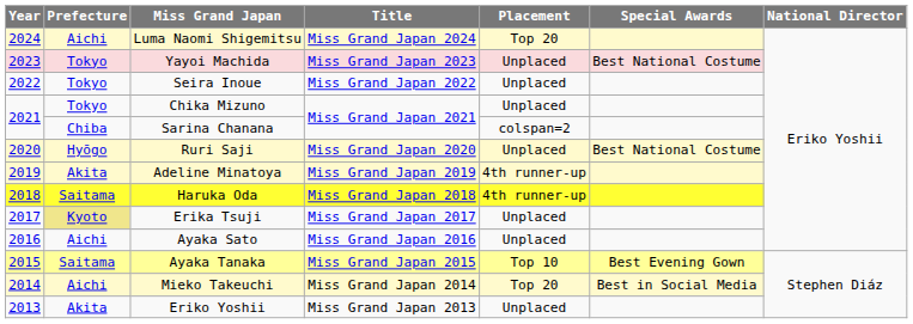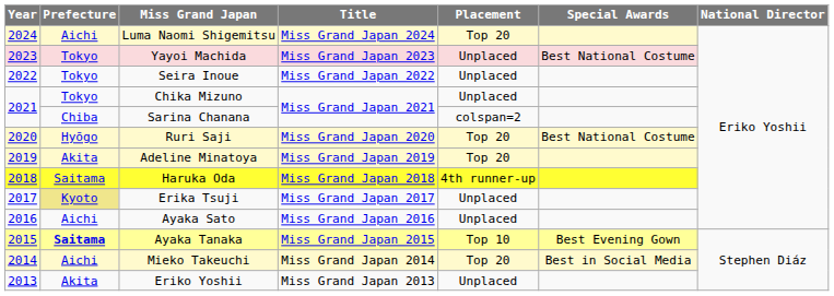 <table class="wikitable" style="font-size: 90%; text-align:center">
 <tr>
 <th style="background-color:#787878;color:#FFFFFF;">Year</th>
 <th style="background-color:#787878;color:#FFFFFF;">Prefecture</th>
 <th style="background-color:#787878;color:#FFFFFF;">Miss Grand Japan</th>
 <th style="background-color:#787878;color:#FFFFFF;">Title</th>
 <th style="background-color:#787878;color:#FFFFFF;">Placement</th>
 <th style="background-color:#787878;color:#FFFFFF;">Special Awards</th>
 <th style="background-color:#787878;color:#FFFFFF;">National Director</th>
 </tr>
 <tr>
 <td bgcolor=#FFFACD><a href='#'>2024</a></td>
 <td bgcolor=#FFFACD><a href='#'>Aichi</a></td>
 <td bgcolor=#FFFACD>Luma Naomi Shigemitsu</td>
 <td bgcolor=#FFFACD><a href='#'>Miss Grand Japan 2024</a></td>
 <td bgcolor=#FFFACD>Top 20</td>
 <td bgcolor=#FFFACD></td>
 <td rowspan="10">Eriko Yoshii</td>
 </tr>
 <tr bgcolor=#FADADD>
 <td><a href='#'>2023</a></td>
 <td><a href='#'>Tokyo</a></td>
 <td>Yayoi Machida</td>
 <td><a href='#'>Miss Grand Japan 2023</a></td>
 <td>Unplaced</td>
 <td>Best National Costume</td>
 </tr>
 <tr>
 <td><a href='#'>2022</a></td>
 <td><a href='#'>Tokyo</a></td>
 <td>Seira Inoue</td>
 <td><a href='#'>Miss Grand Japan 2022</a></td>
 <td>Unplaced</td>
 <td></td>
 </tr>
 <tr>
 <td rowspan="2"><a href='#'>2021</a></td>
 <td><a href='#'>Tokyo</a></td>
 <td>Chika Mizuno</td>
 <td rowspan="2"><a href='#'>Miss Grand Japan 2021</a></td>
 <td>Unplaced</td>
 <td></td>
 </tr>
 <tr>
 <td><a href='#'>Chiba</a></td>
 <td>Sarina Chanana</td>
 <td>colspan=2 </td>
 </tr>
 <tr bgcolor=#FFFACD>
 <td><a href='#'>2020</a></td>
 <td><a href='#'>Hyōgo</a></td>
 <td>Ruri Saji</td>
 <td><a href='#'>Miss Grand Japan 2020</a></td>
-<td>Unplaced</td>
+<td>Top 20</td>
 <td>Best National Costume</td>
 </tr>
 <tr bgcolor=#FFFACD>
 <td><a href='#'>2019</a></td>
 <td><a href='#'>Akita</a></td>
 <td>Adeline Minatoya</td>
 <td><a href='#'>Miss Grand Japan 2019</a></td>
-<td>4th runner-up</td>
+<td>Top 20</td>
 <td></td>
 </tr>
 <tr bgcolor=#FFFF33>
 <td><a href='#'>2018</a></td>
 <td><a href='#'>Saitama</a></td>
 <td>Haruka Oda</td>
 <td><a href='#'>Miss Grand Japan 2018</a></td>
 <td>4th runner-up</td>
 <td></td>
 </tr>
 <tr>
 <td><a href='#'>2017</a></td>
 <td style="background: khaki;"><a href='#'>Kyoto</a></td>
 <td>Erika Tsuji</td>
 <td><a href='#'>Miss Grand Japan 2017</a></td>
 <td>Unplaced</td>
 <td></td>
 </tr>
 <tr>
 <td><a href='#'>2016</a></td>
 <td><a href='#'>Aichi</a></td>
 <td>Ayaka Sato</td>
 <td><a href='#'>Miss Grand Japan 2016</a></td>
 <td>Unplaced</td>
 <td></td>
 </tr>
 <tr>
 <td bgcolor=#FFFF99><a href='#'>2015</a></td>
-<td bgcolor=#FFFF99><a href='#'>Saitama</a></td>
+<td bgcolor=#FFFF99><strong><a href='#'>Saitama</a></strong></td>
 <td bgcolor=#FFFF99>Ayaka Tanaka</td>
 <td bgcolor=#FFFF99><a href='#'>Miss Grand Japan 2015</a></td>
 <td bgcolor=#FFFF99>Top 10</td>
 <td bgcolor=#FFFF99>Best Evening Gown</td>
 <td rowspan="3">Stephen Diáz</td>
 </tr>
 <tr bgcolor=#FFFACD>
 <td><a href='#'>2014</a></td>
 <td><a href='#'>Aichi</a></td>
 <td>Mieko Takeuchi</td>
 <td>Miss Grand Japan 2014</td>
 <td>Top 20</td>
 <td>Best in Social Media</td>
 </tr>
 <tr>
 <td><a href='#'>2013</a></td>
 <td><a href='#'>Akita</a></td>
 <td>Eriko Yoshii</td>
 <td>Miss Grand Japan 2013</td>
 <td>Unplaced</td>
 <td></td>
 </tr>
 </table>
